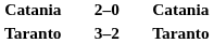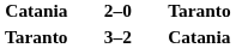 <table width="100%" cellspacing="1">
 <tr>
 <th width="20%"></th>
 <th width="12%"></th>
 <th width="20%"></th>
 <th></th>
 </tr>
 <tr style="font-size:90%;">
 <td align="right"><strong>Catania</strong></td>
 <td align="center"><strong>2–0</strong></td>
-<td align="left"><strong>Catania</strong></td>
+<td align="left"><strong>Taranto</strong></td>
 </tr>
 <tr style="font-size:90%;">
 <td align="right"><strong>Taranto</strong></td>
 <td align="center"><strong>3–2</strong></td>
-<td align="left"><strong>Taranto</strong></td>
+<td align="left"><strong>Catania</strong></td>
 </tr>
 </table>
